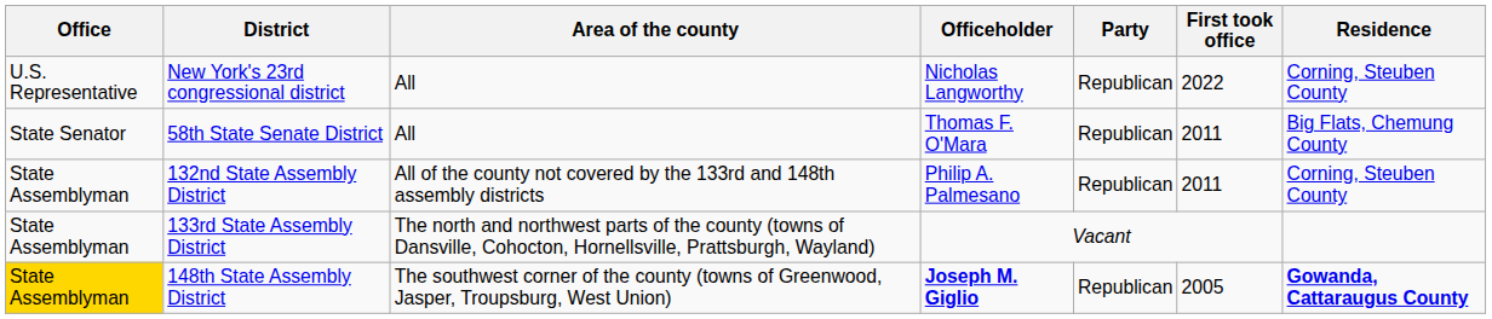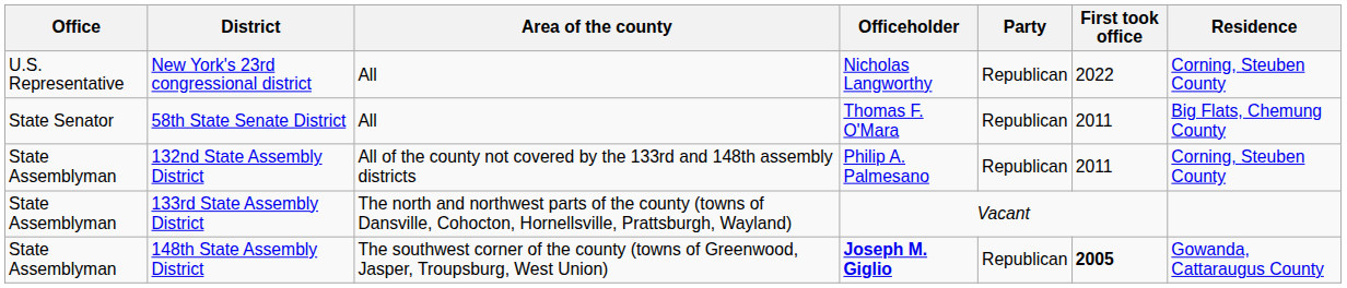 <table class="wikitable sortable">
 <tr>
 <th>Office</th>
 <th>District</th>
 <th>Area of the county</th>
 <th>Officeholder</th>
 <th>Party</th>
 <th>First took office</th>
 <th>Residence</th>
 </tr>
 <tr>
 <td>U.S. Representative</td>
 <td><a href='#'>New York's 23rd congressional district</a></td>
 <td>All</td>
 <td><a href='#'>Nicholas Langworthy</a></td>
 <td>Republican</td>
 <td>2022</td>
 <td><a href='#'>Corning, Steuben County</a></td>
 </tr>
 <tr>
 <td>State Senator</td>
 <td><a href='#'>58th State Senate District</a></td>
 <td>All</td>
 <td><a href='#'>Thomas F. O'Mara</a></td>
 <td>Republican</td>
 <td>2011</td>
 <td><a href='#'>Big Flats, Chemung County</a></td>
 </tr>
 <tr>
 <td>State Assemblyman</td>
 <td><a href='#'>132nd State Assembly District</a></td>
 <td>All of the county not covered by the 133rd and 148th assembly districts</td>
 <td><a href='#'>Philip A. Palmesano</a></td>
 <td>Republican</td>
 <td>2011</td>
 <td><a href='#'>Corning, Steuben County</a></td>
 </tr>
 <tr>
 <td>State Assemblyman</td>
 <td><a href='#'>133rd State Assembly District</a></td>
 <td>The north and northwest parts of the county (towns of Dansville, Cohocton, Hornellsville, Prattsburgh, Wayland)</td>
 <td colspan=3 align=center><em>Vacant</em></td>
 <td></td>
 </tr>
 <tr>
-<td style="background: gold;">State Assemblyman</td>
+<td>State Assemblyman</td>
 <td><a href='#'>148th State Assembly District</a></td>
 <td>The southwest corner of the county (towns of Greenwood, Jasper, Troupsburg, West Union)</td>
 <td><strong><a href='#'>Joseph M. Giglio</a></strong></td>
 <td>Republican</td>
-<td>2005</td>
-<td><strong><a href='#'>Gowanda, Cattaraugus County</a></strong></td>
+<td><strong>2005</strong></td>
+<td><a href='#'>Gowanda, Cattaraugus County</a></td>
 </tr>
 </table>
